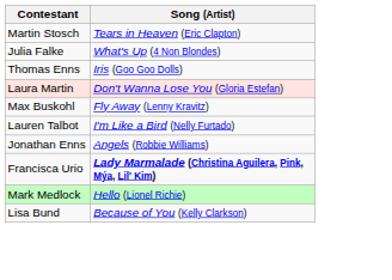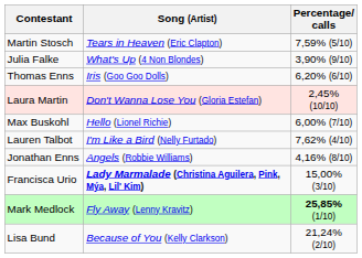 <table class="wikitable">
 <tr>
 <th width="110">Contestant</th>
 <th width="300">Song <small>(Artist)</small></th>
+<th width="28">Percentage/<br>calls</th>
 </tr>
 <tr>
 <td align="left">Martin Stosch</td>
 <td align="left"><em><a href='#'>Tears in Heaven</a></em> <small>(<a href='#'>Eric Clapton</a>)</small></td>
+<td align="center">7,59% <small>(5/10)</small></td>
 </tr>
 <tr>
 <td align="left">Julia Falke</td>
 <td align="left"><em><a href='#'>What's Up</a></em> <small>(<a href='#'>4 Non Blondes</a>)</small></td>
+<td align="center">3,90% <small>(9/10)</small></td>
 </tr>
 <tr>
 <td align="left">Thomas Enns</td>
 <td align="left"><em><a href='#'>Iris</a></em> <small>(<a href='#'>Goo Goo Dolls</a>)</small></td>
+<td align="center">6,20% <small>(6/10)</small></td>
 </tr>
 <tr bgcolor="#FFE4E1">
 <td align="left">Laura Martin</td>
 <td align="left"><em><a href='#'>Don't Wanna Lose You</a></em> <small>(<a href='#'>Gloria Estefan</a>)</small></td>
+<td align="center">2,45% <small>(10/10)</small></td>
 </tr>
 <tr>
 <td align="left">Max Buskohl</td>
-<td align="left"><em><a href='#'>Fly Away</a></em> <small>(<a href='#'>Lenny Kravitz</a>)</small></td>
+<td align="left"><em><a href='#'>Hello</a></em> <small>(<a href='#'>Lionel Richie</a>)</small></td>
+<td align="center">6,00% <small>(7/10)</small></td>
 </tr>
 <tr>
 <td align="left">Lauren Talbot</td>
 <td align="left"><em><a href='#'>I'm Like a Bird</a></em> <small>(<a href='#'>Nelly Furtado</a>)</small></td>
+<td align="center">7,62% <small>(4/10)</small></td>
 </tr>
 <tr>
 <td align="left">Jonathan Enns</td>
 <td align="left"><em><a href='#'>Angels</a></em> <small>(<a href='#'>Robbie Williams</a>)</small></td>
+<td align="center">4,16% <small>(8/10)</small></td>
 </tr>
 <tr>
 <td align="left">Francisca Urio</td>
 <td align="left"><strong><em><a href='#'>Lady Marmalade</a></em> <small>(<a href='#'>Christina Aguilera</a>, <a href='#'>Pink</a>, <a href='#'>Mýa</a>, <a href='#'>Lil' Kim</a>)</small></strong></td>
+<td align="center">15,00% <small>(3/10)</small></td>
 </tr>
 <tr bgcolor="#C1FFC1">
 <td align="left">Mark Medlock</td>
-<td align="left"><em><a href='#'>Hello</a></em> <small>(<a href='#'>Lionel Richie</a>)</small></td>
+<td align="left"><em><a href='#'>Fly Away</a></em> <small>(<a href='#'>Lenny Kravitz</a>)</small></td>
+<td align="center"><strong>25,85%</strong> <small>(1/10)</small></td>
 </tr>
 <tr>
 <td align="left">Lisa Bund</td>
 <td align="left"><em><a href='#'>Because of You</a></em> <small>(<a href='#'>Kelly Clarkson</a>)</small></td>
+<td align="center">21,24% <small>(2/10)</small></td>
 </tr>
 </table>
